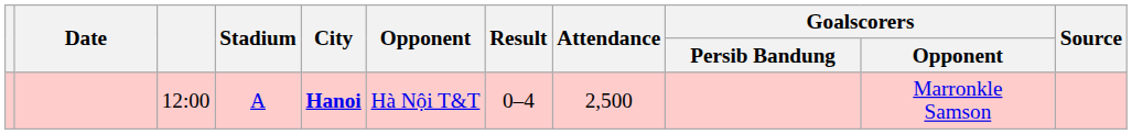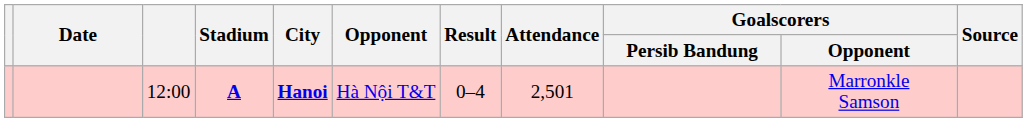 <table class="wikitable" Style="text-align: center">
 <tr>
 <th rowspan="2"></th>
 <th rowspan="2" style="width:100px">Date</th>
 <th rowspan="2"></th>
 <th rowspan="2">Stadium</th>
 <th rowspan="2">City</th>
 <th rowspan="2">Opponent</th>
 <th rowspan="2">Result</th>
 <th rowspan="2">Attendance</th>
 <th colspan="2">Goalscorers</th>
 <th rowspan="2">Source</th>
 </tr>
 <tr>
 <th style="width:140px">Persib Bandung</th>
 <th style="width:140px">Opponent</th>
 </tr>
 <tr style="background:#fcc">
 <td></td>
 <td></td>
 <td>12:00</td>
-<td><a href='#'>A</a></td>
+<td><strong><a href='#'>A</a></strong></td>
 <td><strong><a href='#'>Hanoi</a></strong></td>
 <td> <a href='#'>Hà Nội T&T</a></td>
 <td>0–4</td>
-<td>2,500</td>
+<td>2,501</td>
 <td></td>
 <td><a href='#'>Marronkle</a>  <br><a href='#'>Samson</a> </td>
 <td></td>
 </tr>
 </table>
